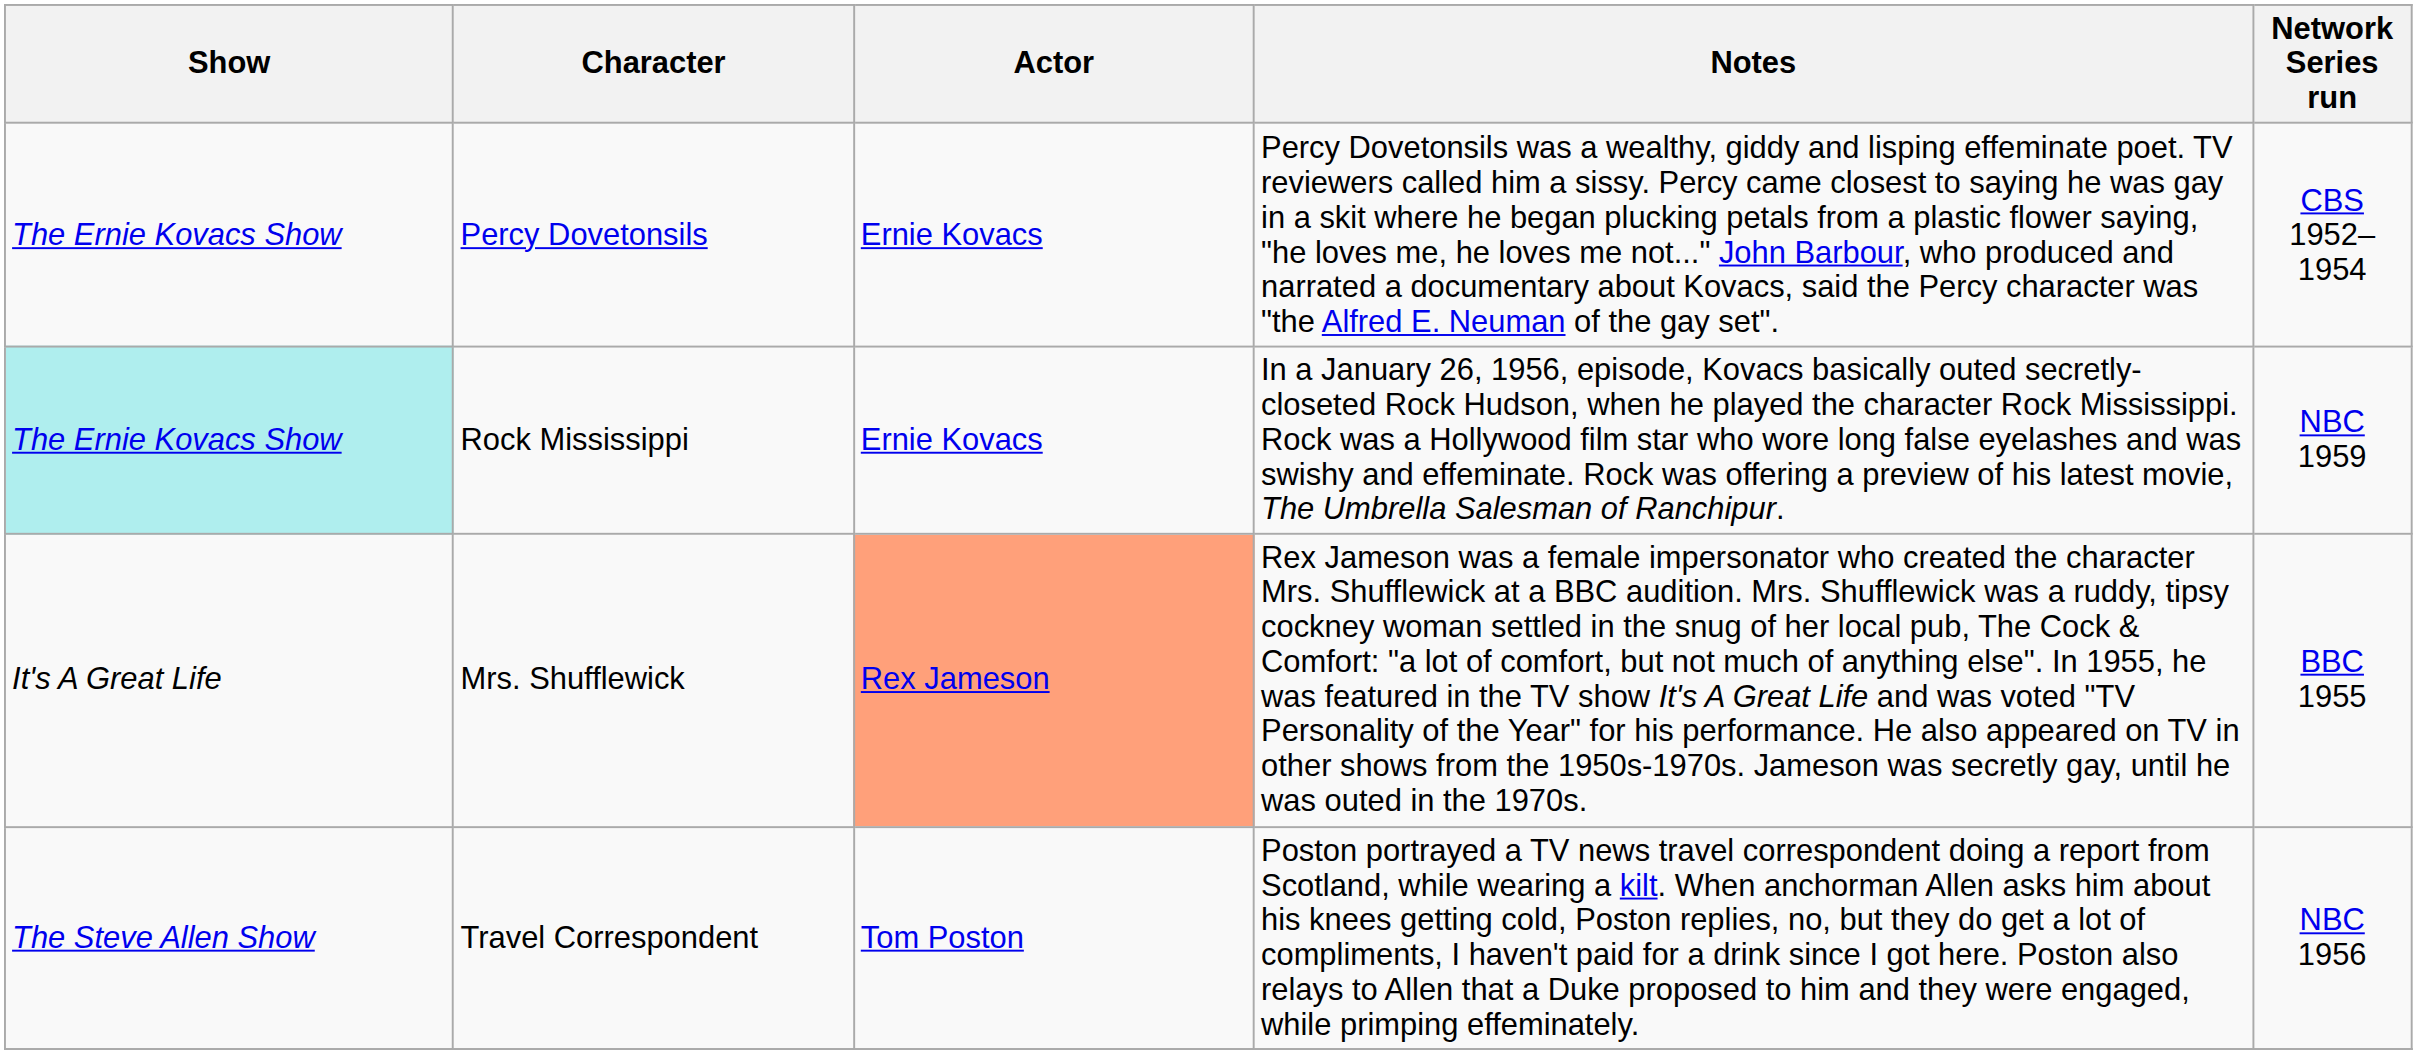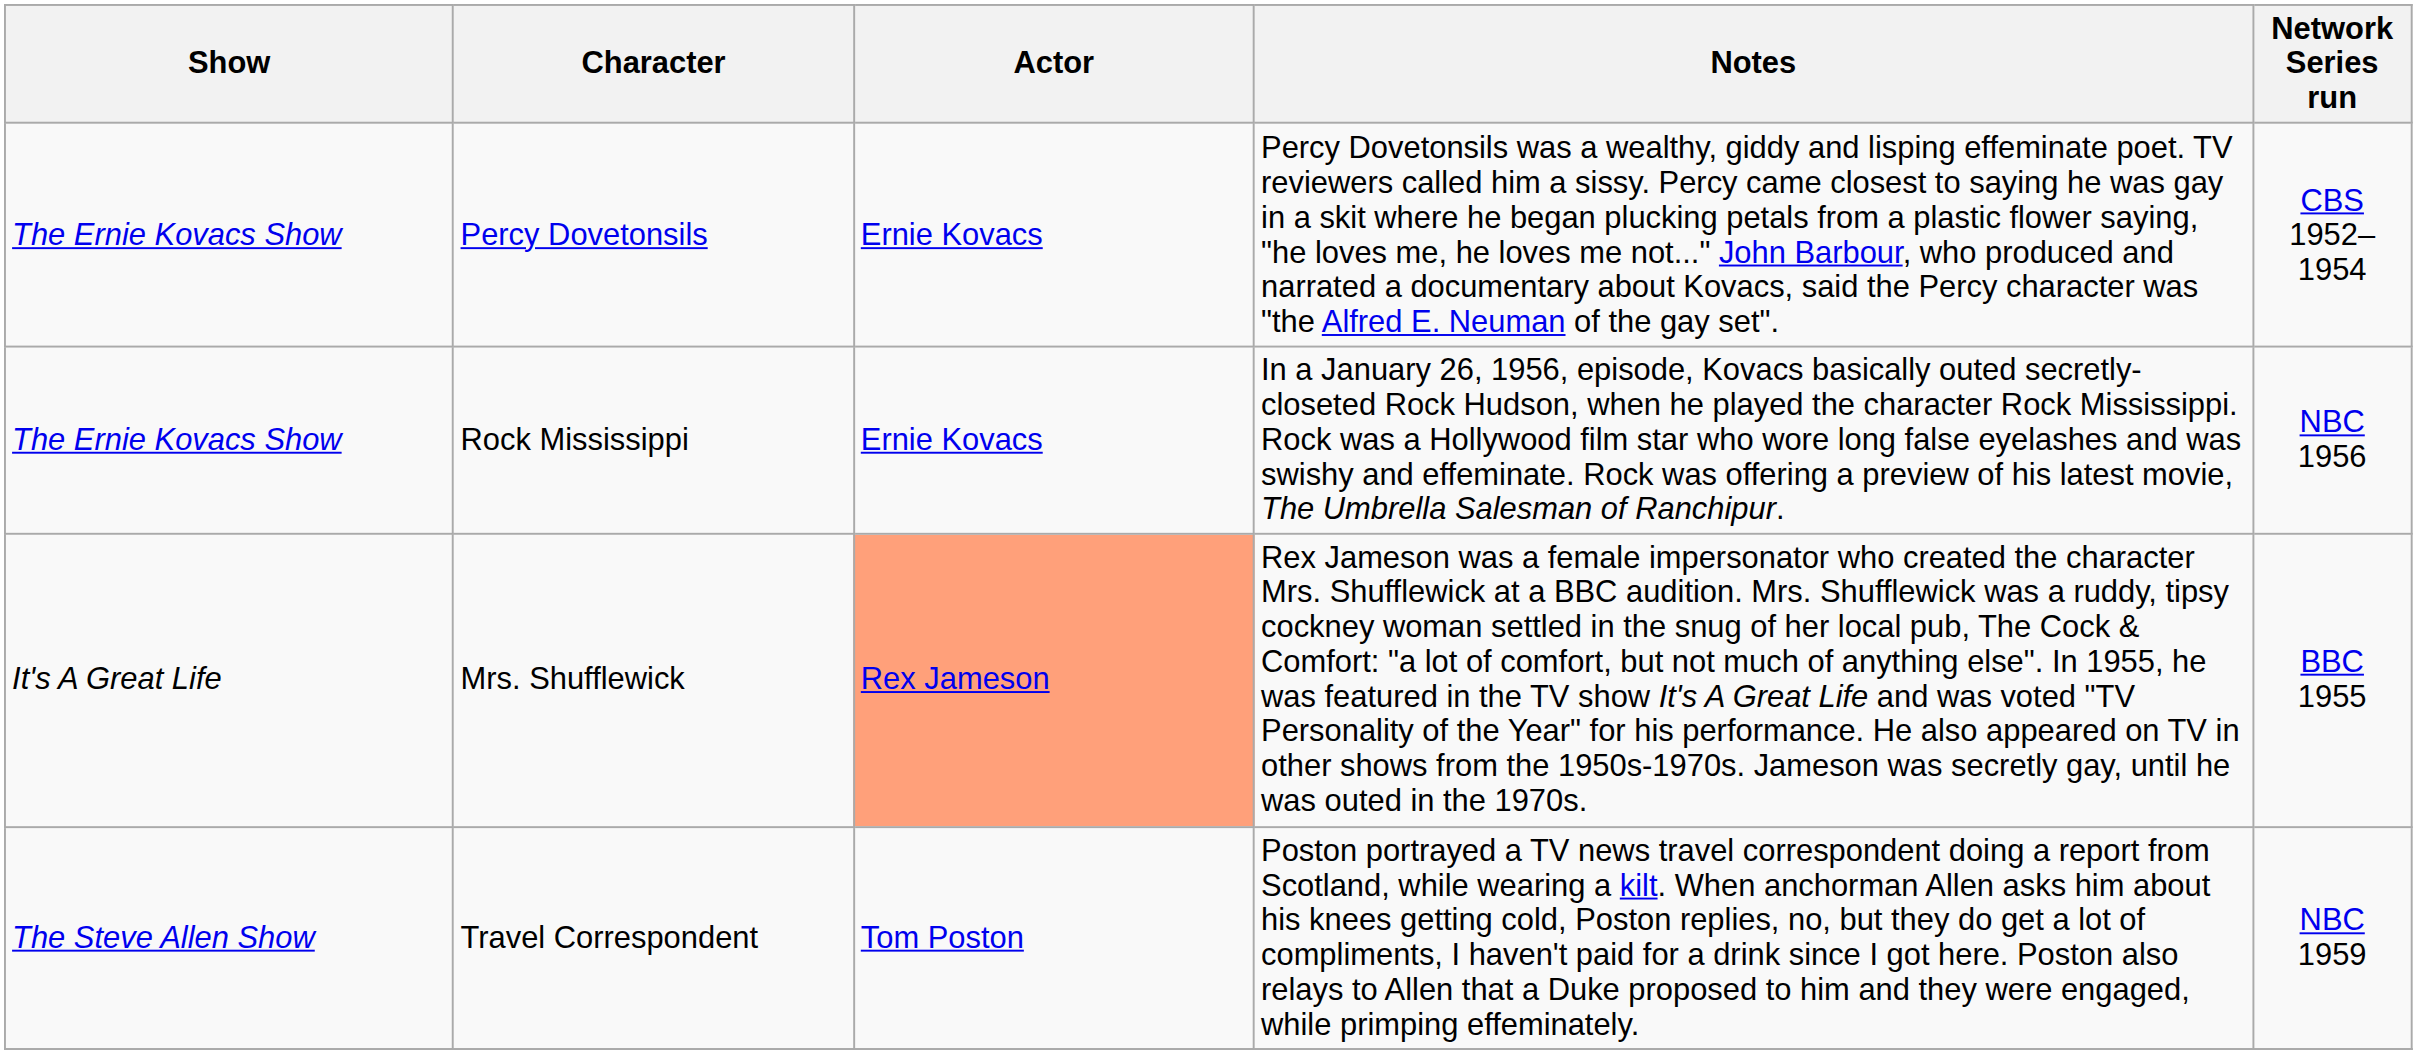 <table class="wikitable" style="margins:auto; width=100%;">
 <tr>
 <th style="width:225px;">Show</th>
 <th style="width:200px">Character</th>
 <th style="width:200px">Actor</th>
 <th class="unsortable">Notes</th>
 <th style="width:75px;" class="unsortable">Network <br>Series run</th>
 </tr>
 <tr>
 <td><em><a href='#'>The Ernie Kovacs Show</a></em></td>
 <td><a href='#'>Percy Dovetonsils</a></td>
 <td><a href='#'>Ernie Kovacs</a></td>
 <td>Percy Dovetonsils was a wealthy, giddy and lisping effeminate poet. TV reviewers called him a sissy. Percy came closest to saying he was gay in a skit where he began plucking petals from a plastic flower saying, "he loves me, he loves me not..." <a href='#'>John Barbour</a>, who produced and narrated a documentary about Kovacs, said the Percy character was "the <a href='#'>Alfred E. Neuman</a> of the gay set".</td>
 <td style="text-align: center;"><a href='#'>CBS</a> <br> 1952–1954</td>
 </tr>
 <tr>
-<td style="background: paleturquoise;"><em><a href='#'>The Ernie Kovacs Show</a></em></td>
+<td><em><a href='#'>The Ernie Kovacs Show</a></em></td>
 <td>Rock Mississippi</td>
 <td><a href='#'>Ernie Kovacs</a></td>
 <td>In a January 26, 1956, episode, Kovacs basically outed secretly-closeted Rock Hudson, when he played the character Rock Mississippi. Rock was a Hollywood film star who wore long false eyelashes and was swishy and effeminate. Rock was offering a preview of his latest movie, <em>The Umbrella Salesman of Ranchipur</em>.</td>
-<td style="text-align: center;"><a href='#'>NBC</a><br>1959</td>
+<td style="text-align: center;"><a href='#'>NBC</a><br>1956</td>
 </tr>
 <tr>
 <td><em>It's A Great Life</em></td>
 <td>Mrs. Shufflewick</td>
 <td style="background: lightsalmon;"><a href='#'>Rex Jameson</a></td>
 <td>Rex Jameson was a female impersonator who created the character Mrs. Shufflewick at a BBC audition. Mrs. Shufflewick was a ruddy, tipsy cockney woman settled in the snug of her local pub, The Cock & Comfort: "a lot of comfort, but not much of anything else". In 1955, he was featured in the TV show <em>It's A Great Life</em> and was voted "TV Personality of the Year" for his performance. He also appeared on TV in other shows from the 1950s-1970s. Jameson was secretly gay, until he was outed in the 1970s.</td>
 <td style="text-align: center;"><a href='#'>BBC</a> <br> 1955</td>
 </tr>
 <tr>
 <td><em><a href='#'>The Steve Allen Show</a></em></td>
 <td>Travel Correspondent</td>
 <td><a href='#'>Tom Poston</a></td>
 <td>Poston portrayed a TV news travel correspondent doing a report from Scotland, while wearing a <a href='#'>kilt</a>. When anchorman Allen asks him about his knees getting cold, Poston replies, no, but they do get a lot of compliments, I haven't paid for a drink since I got here. Poston also relays to Allen that a Duke proposed to him and they were engaged, while primping effeminately.</td>
-<td style="text-align: center;"><a href='#'>NBC</a><br>1956</td>
+<td style="text-align: center;"><a href='#'>NBC</a><br>1959</td>
 </tr>
 <tr>
 </tr>
 </table>
